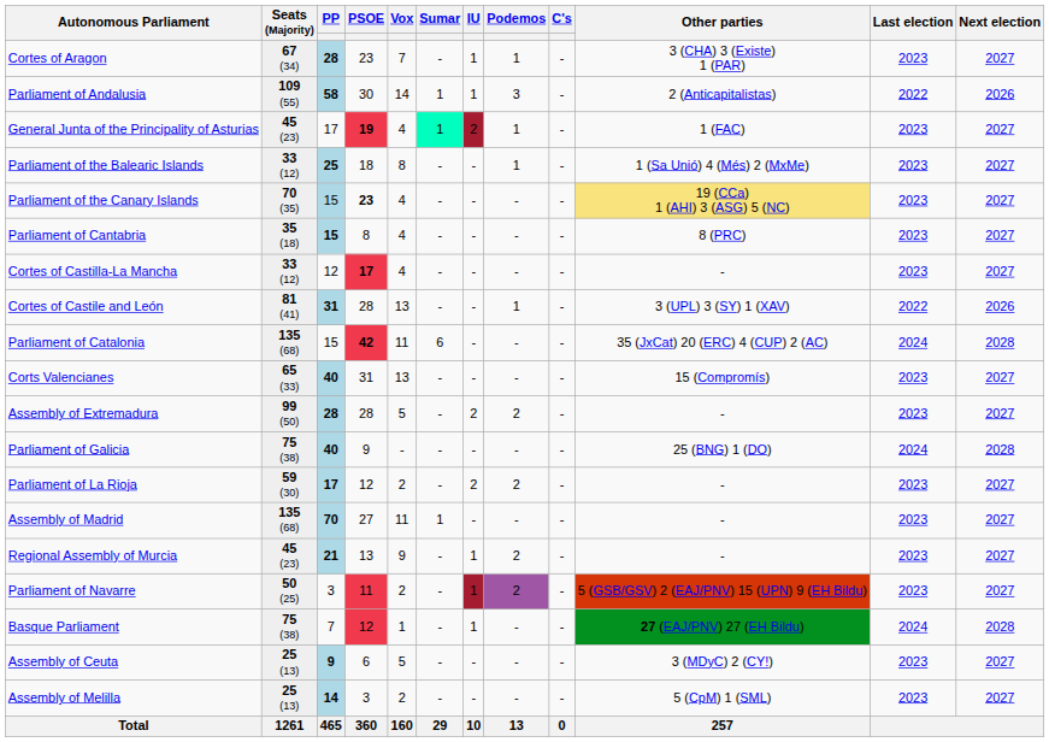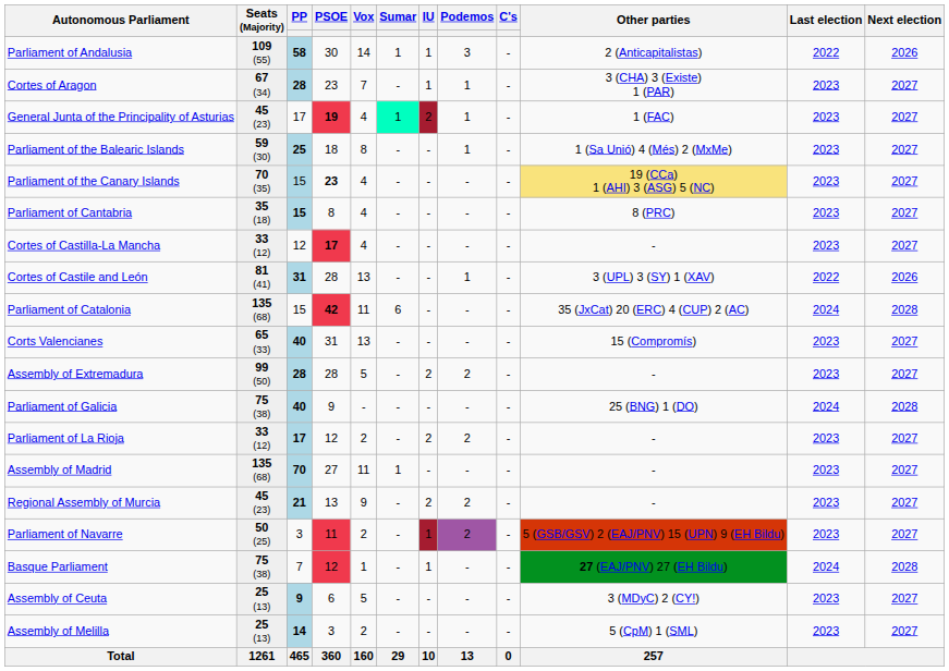 <table class="wikitable sortable mw-datatable" style="text-align:center">
 <tr>
 <th rowspan=2>Autonomous Parliament</th>
 <th rowspan=2>Seats<br><small>(Majority)</small></th>
 <th><a href='#'>PP</a></th>
 <th><a href='#'>PSOE</a></th>
 <th><a href='#'>Vox</a></th>
 <th><a href='#'>Sumar</a></th>
 <th><a href='#'>IU</a></th>
 <th><a href='#'>Podemos</a></th>
 <th><a href='#'>C's</a></th>
 <th rowspan=2>Other parties</th>
 <th rowspan=2>Last election</th>
 <th rowspan=2>Next election</th>
 </tr>
 <tr>
 <th style="color:inherit;background:"></th>
 <th style="color:inherit;background:"></th>
 <th style="color:inherit;background:"></th>
 <th style="color:inherit;background:"></th>
 <th style="color:inherit;background:"></th>
 <th style="color:inherit;background:"></th>
 <th style="color:inherit;background:"></th>
 </tr>
 <tr>
+<td style="text-align:left"><a href='#'>Parliament of Andalusia</a></td>
+<td style="background:#efefef"><strong>109</strong><br><small>(55)</small></td>
+<td style="background:#ADD8E6"><strong>58</strong></td>
+<td>30</td>
+<td>14</td>
+<td>1</td>
+<td>1</td>
+<td>3</td>
+<td>-</td>
+<td>2 (<a href='#'>Anticapitalistas</a>) </td>
+<td><a href='#'>2022</a></td>
+<td><a href='#'>2026</a></td>
+</tr>
+<tr>
 <td style="text-align:left"><a href='#'>Cortes of Aragon</a></td>
 <td style="background:#efefef"><strong>67</strong><br><small>(34)</small></td>
 <td style="background:#ADD8E6"><strong>28</strong></td>
 <td>23</td>
 <td>7</td>
 <td>-</td>
 <td>1</td>
 <td>1</td>
 <td>-</td>
 <td>3 (<a href='#'>CHA</a>) 3 (<a href='#'>Existe</a>)<br>1 (<a href='#'>PAR</a>)</td>
 <td><a href='#'>2023</a></td>
 <td><a href='#'>2027</a></td>
-</tr>
-<tr>
-<td style="text-align:left"><a href='#'>Parliament of Andalusia</a></td>
-<td style="background:#efefef"><strong>109</strong><br><small>(55)</small></td>
-<td style="background:#ADD8E6"><strong>58</strong></td>
-<td>30</td>
-<td>14</td>
-<td>1</td>
-<td>1</td>
-<td>3</td>
-<td>-</td>
-<td>2 (<a href='#'>Anticapitalistas</a>) </td>
-<td><a href='#'>2022</a></td>
-<td><a href='#'>2026</a></td>
 </tr>
 <tr>
 <td style="text-align:left"><a href='#'>General Junta of the Principality of Asturias</a></td>
 <td style="background:#efefef"><strong>45</strong><br><small>(23)</small></td>
 <td>17</td>
 <td style="background:#f0394d"><strong>19</strong></td>
 <td>4</td>
 <td style="background:#00FFBF">1</td>
 <td style="background:#A51C30">2</td>
 <td>1</td>
 <td>-</td>
 <td>1 (<a href='#'>FAC</a>)</td>
 <td><a href='#'>2023</a></td>
 <td><a href='#'>2027</a></td>
 </tr>
 <tr>
 <td style="text-align:left"><a href='#'>Parliament of the Balearic Islands</a></td>
-<td style="background:#efefef"><strong>33</strong><br><small>(12)</small></td>
+<td style="background:#efefef"><strong>59</strong><br><small>(30)</small></td>
 <td style="background:#ADD8E6"><strong>25</strong></td>
 <td>18</td>
 <td>8</td>
 <td>-</td>
 <td>-</td>
 <td>1</td>
 <td>-</td>
 <td>1 (<a href='#'>Sa Unió</a>) 4 (<a href='#'>Més</a>) 2 (<a href='#'>MxMe</a>)</td>
 <td><a href='#'>2023</a></td>
 <td><a href='#'>2027</a></td>
 </tr>
 <tr>
 <td style="text-align:left"><a href='#'>Parliament of the Canary Islands</a></td>
 <td style="background:#efefef"><strong>70</strong><br><small>(35)</small></td>
 <td style="background:#ADD8E6">15</td>
 <td><strong>23</strong></td>
 <td>4</td>
 <td>-</td>
 <td>-</td>
 <td>-</td>
 <td>-</td>
 <td style="background:#f9e37c">19 (<a href='#'>CCa</a>)<br>1 (<a href='#'>AHI</a>) 3 (<a href='#'>ASG</a>) 5 (<a href='#'>NC</a>)</td>
 <td><a href='#'>2023</a></td>
 <td><a href='#'>2027</a></td>
 </tr>
 <tr>
 <td style="text-align:left"><a href='#'>Parliament of Cantabria</a></td>
 <td style="background:#efefef"><strong>35</strong><br><small>(18)</small></td>
 <td style="background:#ADD8E6"><strong>15</strong></td>
 <td>8</td>
 <td>4</td>
 <td>-</td>
 <td>-</td>
 <td>-</td>
 <td>-</td>
 <td>8 (<a href='#'>PRC</a>)</td>
 <td><a href='#'>2023</a></td>
 <td><a href='#'>2027</a></td>
 </tr>
 <tr>
 <td style="text-align:left"><a href='#'>Cortes of Castilla-La Mancha</a></td>
 <td style="background:#efefef"><strong>33</strong><br><small>(12)</small></td>
 <td>12</td>
 <td style="background:#f0394d"><strong>17</strong></td>
 <td>4</td>
 <td>-</td>
 <td>-</td>
 <td>-</td>
 <td>-</td>
 <td>-</td>
 <td><a href='#'>2023</a></td>
 <td><a href='#'>2027</a></td>
 </tr>
 <tr>
 <td style="text-align:left"><a href='#'>Cortes of Castile and León</a></td>
 <td style="background:#efefef"><strong>81</strong><br><small>(41)</small></td>
 <td style="background:#ADD8E6"><strong>31</strong></td>
 <td>28</td>
 <td>13</td>
 <td>-</td>
 <td>-</td>
 <td>1</td>
 <td>-</td>
 <td>3 (<a href='#'>UPL</a>) 3 (<a href='#'>SY</a>) 1 (<a href='#'>XAV</a>)</td>
 <td><a href='#'>2022</a></td>
 <td><a href='#'>2026</a></td>
 </tr>
 <tr>
 <td style="text-align:left"><a href='#'>Parliament of Catalonia</a></td>
 <td style="background:#efefef"><strong>135</strong><br><small>(68)</small></td>
 <td>15</td>
 <td style="background:#f0394d"><strong>42</strong></td>
 <td>11</td>
 <td>6</td>
 <td>-</td>
 <td>-</td>
 <td>-</td>
 <td>35 (<a href='#'>JxCat</a>) 20 (<a href='#'>ERC</a>)  4 (<a href='#'>CUP</a>) 2 (<a href='#'>AC</a>)</td>
 <td><a href='#'>2024</a></td>
 <td><a href='#'>2028</a></td>
 </tr>
 <tr>
 <td style="text-align:left"><a href='#'>Corts Valencianes</a></td>
 <td style="background:#efefef"><strong>65</strong><br><small>(33)</small></td>
 <td style="background:#ADD8E6"><strong>40</strong></td>
 <td>31</td>
 <td>13</td>
 <td>-</td>
 <td>-</td>
 <td>-</td>
 <td>-</td>
 <td>15 (<a href='#'>Compromís</a>)</td>
 <td><a href='#'>2023</a></td>
 <td><a href='#'>2027</a></td>
 </tr>
 <tr>
 <td style="text-align:left"><a href='#'>Assembly of Extremadura</a></td>
 <td style="background:#efefef"><strong>99</strong><br><small>(50)</small></td>
 <td style="background:#ADD8E6"><strong>28</strong></td>
 <td>28</td>
 <td>5</td>
 <td>-</td>
 <td>2</td>
 <td>2</td>
 <td>-</td>
 <td>-</td>
 <td><a href='#'>2023</a></td>
 <td><a href='#'>2027</a></td>
 </tr>
 <tr>
 <td style="text-align:left"><a href='#'>Parliament of Galicia</a></td>
 <td style="background:#efefef"><strong>75</strong><br><small>(38)</small></td>
 <td style="background:#ADD8E6"><strong>40</strong></td>
 <td>9</td>
 <td>-</td>
 <td>-</td>
 <td>-</td>
 <td>-</td>
 <td>-</td>
 <td>25 (<a href='#'>BNG</a>) 1 (<a href='#'>DO</a>)</td>
 <td><a href='#'>2024</a></td>
 <td><a href='#'>2028</a></td>
 </tr>
 <tr>
 <td style="text-align:left"><a href='#'>Parliament of La Rioja</a></td>
-<td style="background:#efefef"><strong>59</strong><br><small>(30)</small></td>
+<td style="background:#efefef"><strong>33</strong><br><small>(12)</small></td>
 <td style="background:#ADD8E6"><strong>17</strong></td>
 <td>12</td>
 <td>2</td>
 <td>-</td>
 <td>2</td>
 <td>2</td>
 <td>-</td>
 <td>-</td>
 <td><a href='#'>2023</a></td>
 <td><a href='#'>2027</a></td>
 </tr>
 <tr>
 <td style="text-align:left"><a href='#'>Assembly of Madrid</a></td>
 <td style="background:#efefef"><strong>135</strong><br><small>(68)</small></td>
 <td style="background:#ADD8E6"><strong>70</strong></td>
 <td>27</td>
 <td>11</td>
 <td>1</td>
 <td>-</td>
 <td>-</td>
 <td>-</td>
 <td>-</td>
 <td><a href='#'>2023</a></td>
 <td><a href='#'>2027</a></td>
 </tr>
 <tr>
 <td style="text-align:left"><a href='#'>Regional Assembly of Murcia</a></td>
 <td style="background:#efefef"><strong>45</strong><br><small>(23)</small></td>
 <td style="background:#ADD8E6"><strong>21</strong></td>
 <td>13</td>
 <td>9</td>
 <td>-</td>
-<td>1</td>
+<td>2</td>
 <td>2</td>
 <td>-</td>
 <td>-</td>
 <td><a href='#'>2023</a></td>
 <td><a href='#'>2027</a></td>
 </tr>
 <tr>
 <td style="text-align:left"><a href='#'>Parliament of Navarre</a></td>
 <td style="background:#efefef"><strong>50</strong><br><small>(25)</small></td>
 <td>3</td>
 <td style="background:#f0394d">11</td>
 <td>2</td>
 <td>-</td>
 <td style="background:#A51C30">1</td>
 <td style="background:#9f56a5">2</td>
 <td>-</td>
 <td style="background:#d53507">5 (<a href='#'>GSB/GSV</a>)  2 (<a href='#'>EAJ/PNV</a>) 15 (<a href='#'>UPN</a>) 9 (<a href='#'>EH Bildu</a>)</td>
 <td><a href='#'>2023</a></td>
 <td><a href='#'>2027</a></td>
 </tr>
 <tr>
 <td style="text-align:left"><a href='#'>Basque Parliament</a></td>
 <td style="background:#efefef"><strong>75</strong><br><small>(38)</small></td>
 <td>7</td>
 <td style="background:#f0394d">12</td>
 <td>1</td>
 <td>-</td>
 <td>1</td>
 <td>-</td>
 <td>-</td>
 <td style="background:#02911f"><strong>27</strong> (<a href='#'>EAJ/PNV</a>)  27 (<a href='#'>EH Bildu</a>) </td>
 <td><a href='#'>2024</a></td>
 <td><a href='#'>2028</a></td>
 </tr>
 <tr>
 <td style="text-align:left"><a href='#'>Assembly of Ceuta</a></td>
 <td style="background:#efefef"><strong>25</strong><br><small>(13)</small></td>
 <td style="background:#ADD8E6"><strong>9</strong></td>
 <td>6</td>
 <td>5</td>
 <td>-</td>
 <td>-</td>
 <td>-</td>
 <td>-</td>
 <td>3 (<a href='#'>MDyC</a>) 2 (<a href='#'>CY!</a>)</td>
 <td><a href='#'>2023</a></td>
 <td><a href='#'>2027</a></td>
 </tr>
 <tr>
 <td style="text-align:left"><a href='#'>Assembly of Melilla</a></td>
 <td style="background:#efefef"><strong>25</strong><br><small>(13)</small></td>
 <td style="background:#ADD8E6"><strong>14</strong></td>
 <td>3</td>
 <td>2</td>
 <td>-</td>
 <td>-</td>
 <td>-</td>
 <td>-</td>
 <td>5 (<a href='#'>CpM</a>) 1 (<a href='#'>SML</a>)</td>
 <td><a href='#'>2023</a></td>
 <td><a href='#'>2027</a></td>
 </tr>
 <tr>
 <th>Total<br></th>
 <th>1261<br></th>
 <th>465<br></th>
 <th>360<br></th>
 <th>160<br></th>
 <th>29<br></th>
 <th>10<br></th>
 <th>13<br></th>
 <th>0<br></th>
 <th>257<br></th>
 <th colspan=2></th>
 </tr>
 </table>
